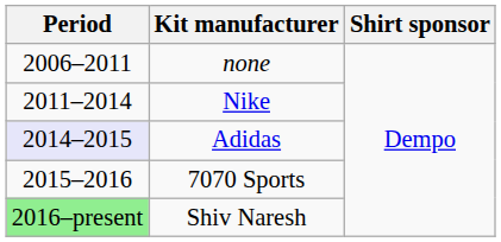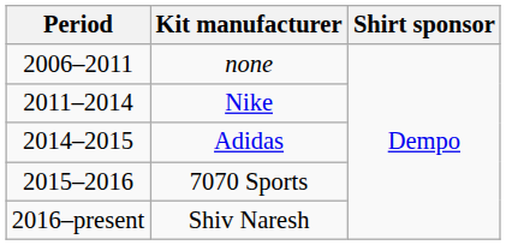 <table class="wikitable" style="text-align:center;margin-left:1em;float:center">
 <tr>
 <th>Period</th>
 <th>Kit manufacturer</th>
 <th>Shirt sponsor</th>
 </tr>
 <tr>
 <td>2006–2011</td>
 <td><em>none</em></td>
 <td rowspan=5><a href='#'>Dempo</a></td>
 </tr>
 <tr>
 <td>2011–2014</td>
 <td><a href='#'>Nike</a></td>
 </tr>
 <tr>
-<td style="background: lavender;">2014–2015</td>
+<td>2014–2015</td>
 <td><a href='#'>Adidas</a></td>
 </tr>
 <tr>
 <td>2015–2016</td>
 <td>7070 Sports</td>
 </tr>
 <tr>
-<td style="background: lightgreen;">2016–present</td>
+<td>2016–present</td>
 <td>Shiv Naresh</td>
 </tr>
 </table>
